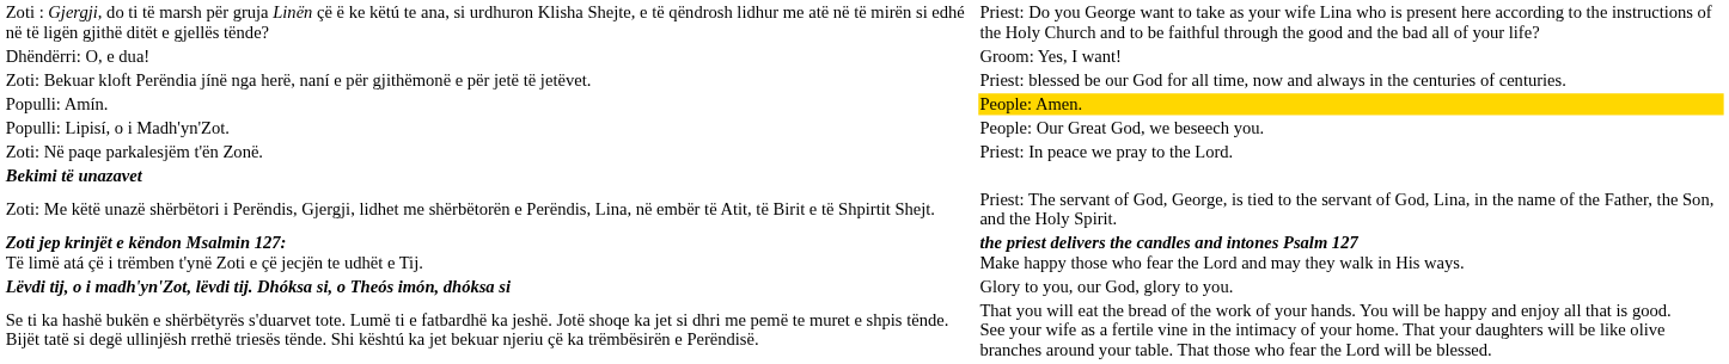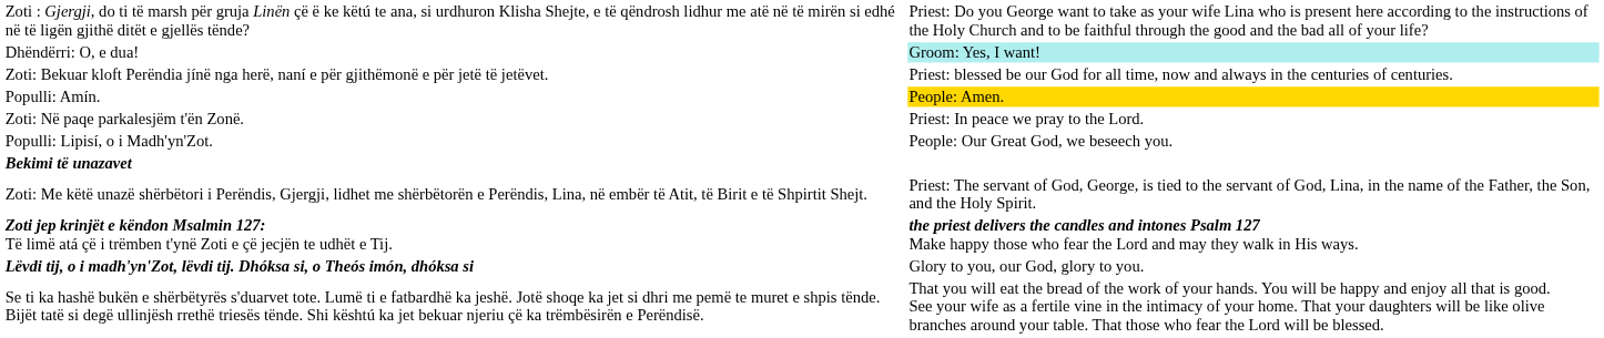 <table>
 <tr>
 <td>Zoti : <em>Gjergji</em>, do ti të marsh për gruja <em>Linën</em> çë ë ke këtú te ana, si urdhuron Klisha Shejte, e të qëndrosh lidhur me atë në të mirën si edhé në të ligën gjithë ditët e gjellës tënde?</td>
 <td>Priest: Do you George want to take as your wife Lina who is present here according to the instructions of the Holy Church and to be faithful through the good and the bad all of your life?</td>
 </tr>
 <tr>
 <td>Dhëndërri: O, e dua!</td>
-<td>Groom: Yes, I want!</td>
+<td style="background: paleturquoise;">Groom: Yes, I want!</td>
 </tr>
 <tr>
 <td>Zoti: Bekuar kloft Perëndia jínë nga herë, naní e për gjithëmonë e për jetë të jetëvet.</td>
 <td>Priest: blessed be our God for all time, now and always in the centuries of centuries.</td>
 </tr>
 <tr>
 <td>Populli: Amín.</td>
 <td style="background: gold;">People: Amen.</td>
 </tr>
 <tr>
+<td>Zoti: Në paqe parkalesjëm t'ën Zonë.</td>
+<td>Priest: In peace we pray to the Lord.</td>
+</tr>
+<tr>
 <td>Populli: Lipisí, o i Madh'yn'Zot.</td>
 <td>People: Our Great God, we beseech you.</td>
-</tr>
-<tr>
-<td>Zoti: Në paqe parkalesjëm t'ën Zonë.</td>
-<td>Priest: In peace we pray to the Lord.</td>
 </tr>
 <tr>
 <td><strong><em>Bekimi të unazavet</em></strong></td>
 </tr>
 <tr>
 <td>Zoti: Me këtë unazë shërbëtori i Perëndis, Gjergji, lidhet me shërbëtorën e Perëndis, Lina, në embër të Atit, të Birit e të Shpirtit Shejt.</td>
 <td>Priest: The servant of God, George, is tied to the servant of God, Lina, in the name of the Father, the Son, and the Holy Spirit.</td>
 </tr>
 <tr>
 <td><strong><em>Zoti jep krinjët e këndon Msalmin 127:</em></strong><br>Të limë atá çë i trëmben t'ynë Zoti e çë jecjën te udhët e Tij.</td>
 <td><strong><em>the priest delivers the candles and intones Psalm 127</em></strong><br>Make happy those who fear the Lord and may they walk in His ways.</td>
 </tr>
 <tr>
 <td><strong><em>Lëvdi tij, o i madh'yn'Zot, lëvdi tij. Dhóksa si, o Theós imón, dhóksa si</em></strong></td>
 <td>Glory to you, our God, glory to you.</td>
 </tr>
 <tr>
 <td>Se ti ka hashë bukën e shërbëtyrës s'duarvet tote. Lumë ti e fatbardhë ka jeshë. Jotë shoqe ka jet si dhri me pemë te muret e shpis tënde. Bijët tatë si degë ullinjësh rrethë triesës tënde. Shi kështú ka jet bekuar njeriu çë ka trëmbësirën e Perëndisë.</td>
 <td>That you will eat the bread of the work of your hands. You will be happy and enjoy all that is good.<br>See your wife as a fertile vine in the intimacy of your home. That your daughters will be like olive branches around your table. That those who fear the Lord will be blessed.</td>
 </tr>
 </table>
